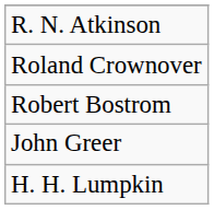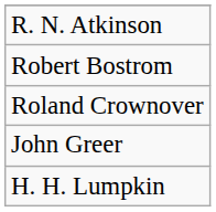 <table class="wikitable">
 <tr>
 </tr>
 <tr>
 <td>R. N. Atkinson</td>
 </tr>
 <tr>
-<td>Roland Crownover</td>
+<td>Robert Bostrom</td>
 </tr>
 <tr>
-<td>Robert Bostrom</td>
+<td>Roland Crownover</td>
 </tr>
 <tr>
 <td>John Greer</td>
 </tr>
 <tr>
 <td>H. H. Lumpkin</td>
 </tr>
 </table>
